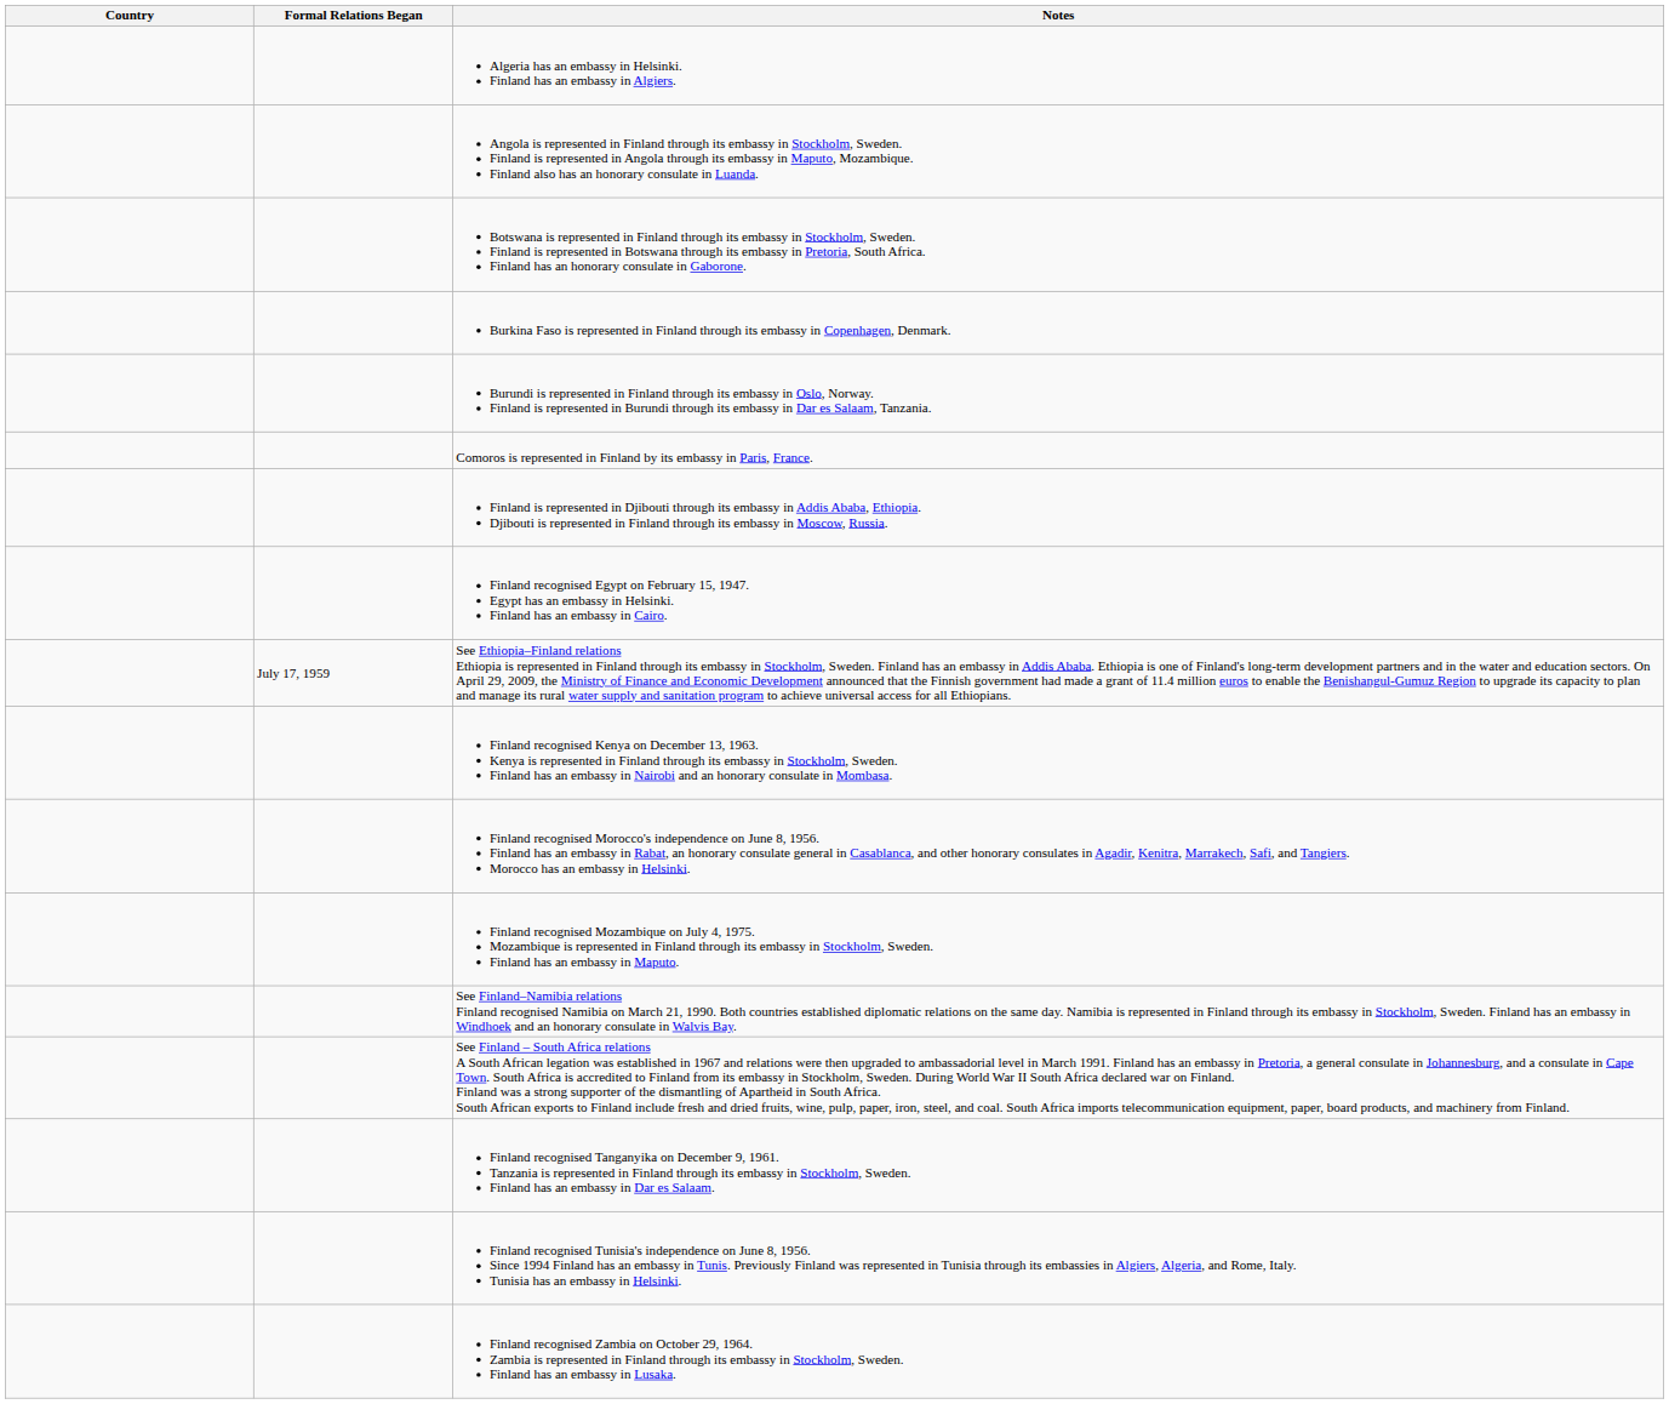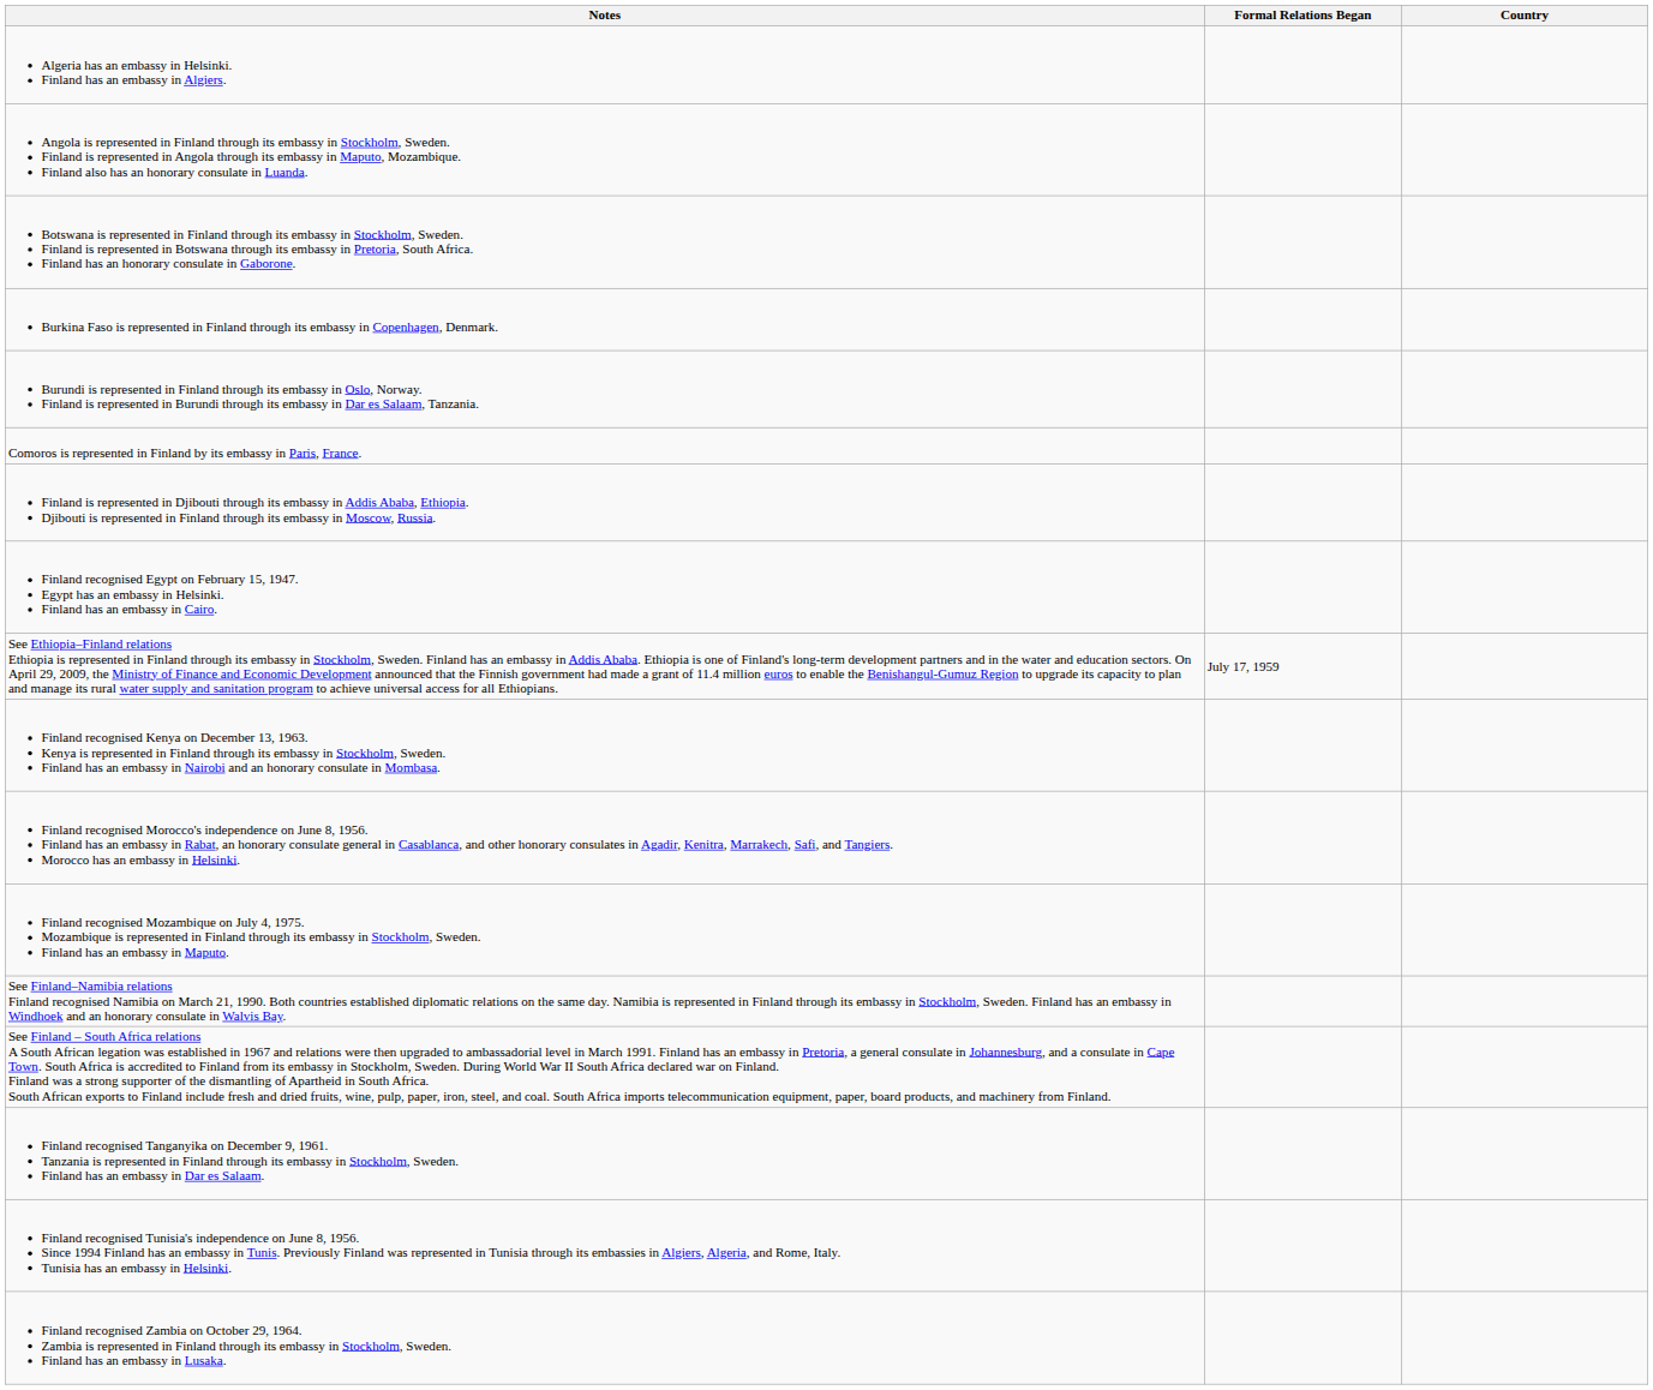 <table class="wikitable sortable" border="1" style="width:100%; margin:auto;">
 <tr>
+<th>Notes</th>
+<th width="12%">Formal Relations Began</th>
 <th width="15%">Country</th>
-<th width="12%">Formal Relations Began</th>
-<th>Notes</th>
 </tr>
 <tr -valign="top">
+<td><br><ul><li>Algeria has an embassy in Helsinki.</li><li>Finland has an embassy in <a href='#'>Algiers</a>.</li></ul></td>
 <td></td>
 <td></td>
-<td><br><ul><li>Algeria has an embassy in Helsinki.</li><li>Finland has an embassy in <a href='#'>Algiers</a>.</li></ul></td>
 </tr>
 <tr -valign="top">
+<td><br><ul><li>Angola is represented in Finland through its embassy in <a href='#'>Stockholm</a>, Sweden.</li><li>Finland is represented in Angola through its embassy in <a href='#'>Maputo</a>, Mozambique.</li><li>Finland also has an honorary consulate in <a href='#'>Luanda</a>.</li></ul></td>
 <td></td>
 <td></td>
-<td><br><ul><li>Angola is represented in Finland through its embassy in <a href='#'>Stockholm</a>, Sweden.</li><li>Finland is represented in Angola through its embassy in <a href='#'>Maputo</a>, Mozambique.</li><li>Finland also has an honorary consulate in <a href='#'>Luanda</a>.</li></ul></td>
 </tr>
 <tr -valign="top">
+<td><br><ul><li>Botswana is represented in Finland through its embassy in <a href='#'>Stockholm</a>, Sweden.</li><li>Finland is represented in Botswana through its embassy in <a href='#'>Pretoria</a>, South Africa.</li><li>Finland has an honorary consulate in <a href='#'>Gaborone</a>.</li></ul></td>
 <td></td>
 <td></td>
-<td><br><ul><li>Botswana is represented in Finland through its embassy in <a href='#'>Stockholm</a>, Sweden.</li><li>Finland is represented in Botswana through its embassy in <a href='#'>Pretoria</a>, South Africa.</li><li>Finland has an honorary consulate in <a href='#'>Gaborone</a>.</li></ul></td>
 </tr>
 <tr -valign="top">
+<td><br><ul><li>Burkina Faso is represented in Finland through its embassy in <a href='#'>Copenhagen</a>, Denmark.</li></ul></td>
 <td></td>
 <td></td>
-<td><br><ul><li>Burkina Faso is represented in Finland through its embassy in <a href='#'>Copenhagen</a>, Denmark.</li></ul></td>
 </tr>
 <tr -valign="top">
+<td><br><ul><li>Burundi is represented in Finland through its embassy in <a href='#'>Oslo</a>, Norway.</li><li>Finland is represented in Burundi through its embassy in <a href='#'>Dar es Salaam</a>, Tanzania.</li></ul></td>
 <td></td>
 <td></td>
-<td><br><ul><li>Burundi is represented in Finland through its embassy in <a href='#'>Oslo</a>, Norway.</li><li>Finland is represented in Burundi through its embassy in <a href='#'>Dar es Salaam</a>, Tanzania.</li></ul></td>
 </tr>
 <tr -valign="top">
+<td><br>Comoros is represented in Finland by its embassy in <a href='#'>Paris</a>, <a href='#'>France</a>.</td>
 <td></td>
 <td></td>
-<td><br>Comoros is represented in Finland by its embassy in <a href='#'>Paris</a>, <a href='#'>France</a>.</td>
 </tr>
 <tr -valign="top">
+<td><br><ul><li>Finland is represented in Djibouti through its embassy in <a href='#'>Addis Ababa</a>, <a href='#'>Ethiopia</a>.</li><li>Djibouti is represented in Finland through its embassy in <a href='#'>Moscow</a>, <a href='#'>Russia</a>.</li></ul></td>
 <td></td>
 <td></td>
-<td><br><ul><li>Finland is represented in Djibouti through its embassy in <a href='#'>Addis Ababa</a>, <a href='#'>Ethiopia</a>.</li><li>Djibouti is represented in Finland through its embassy in <a href='#'>Moscow</a>, <a href='#'>Russia</a>.</li></ul></td>
 </tr>
 <tr -valign="top">
+<td><br><ul><li>Finland recognised Egypt on February 15, 1947.</li><li>Egypt has an embassy in Helsinki.</li><li>Finland has an embassy in <a href='#'>Cairo</a>.</li></ul></td>
 <td></td>
 <td></td>
-<td><br><ul><li>Finland recognised Egypt on February 15, 1947.</li><li>Egypt has an embassy in Helsinki.</li><li>Finland has an embassy in <a href='#'>Cairo</a>.</li></ul></td>
 </tr>
 <tr -valign="top">
+<td>See <a href='#'>Ethiopia–Finland relations</a><br>Ethiopia is represented in Finland through its embassy in <a href='#'>Stockholm</a>, Sweden.  Finland has an embassy in <a href='#'>Addis Ababa</a>. Ethiopia is one of Finland's long-term development partners and in the water and education sectors. On April 29, 2009, the <a href='#'>Ministry of Finance and Economic Development</a> announced that the Finnish government had made a grant of 11.4 million <a href='#'>euros</a> to enable the <a href='#'>Benishangul-Gumuz Region</a> to upgrade its capacity to plan and manage its rural <a href='#'>water supply and sanitation program</a> to achieve universal access for all Ethiopians.</td>
+<td>July 17, 1959</td>
 <td></td>
-<td>July 17, 1959</td>
-<td>See <a href='#'>Ethiopia–Finland relations</a><br>Ethiopia is represented in Finland through its embassy in <a href='#'>Stockholm</a>, Sweden.  Finland has an embassy in <a href='#'>Addis Ababa</a>. Ethiopia is one of Finland's long-term development partners and in the water and education sectors. On April 29, 2009, the <a href='#'>Ministry of Finance and Economic Development</a> announced that the Finnish government had made a grant of 11.4 million <a href='#'>euros</a> to enable the <a href='#'>Benishangul-Gumuz Region</a> to upgrade its capacity to plan and manage its rural <a href='#'>water supply and sanitation program</a> to achieve universal access for all Ethiopians.</td>
 </tr>
 <tr -valign="top">
+<td><br><ul><li>Finland recognised Kenya on December 13, 1963.</li><li>Kenya is represented in Finland through its embassy in <a href='#'>Stockholm</a>, Sweden.</li><li>Finland has an embassy in <a href='#'>Nairobi</a> and an honorary consulate in <a href='#'>Mombasa</a>.</li></ul></td>
 <td></td>
 <td></td>
-<td><br><ul><li>Finland recognised Kenya on December 13, 1963.</li><li>Kenya is represented in Finland through its embassy in <a href='#'>Stockholm</a>, Sweden.</li><li>Finland has an embassy in <a href='#'>Nairobi</a> and an honorary consulate in <a href='#'>Mombasa</a>.</li></ul></td>
 </tr>
 <tr -valign="top">
+<td><br><ul><li>Finland recognised Morocco's independence on June 8, 1956.</li><li>Finland has an embassy in <a href='#'>Rabat</a>, an honorary consulate general in <a href='#'>Casablanca</a>, and other honorary consulates in <a href='#'>Agadir</a>, <a href='#'>Kenitra</a>, <a href='#'>Marrakech</a>, <a href='#'>Safi</a>, and <a href='#'>Tangiers</a>.</li><li>Morocco has an embassy in <a href='#'>Helsinki</a>.</li></ul></td>
 <td></td>
 <td></td>
-<td><br><ul><li>Finland recognised Morocco's independence on June 8, 1956.</li><li>Finland has an embassy in <a href='#'>Rabat</a>, an honorary consulate general in <a href='#'>Casablanca</a>, and other honorary consulates in <a href='#'>Agadir</a>, <a href='#'>Kenitra</a>, <a href='#'>Marrakech</a>, <a href='#'>Safi</a>, and <a href='#'>Tangiers</a>.</li><li>Morocco has an embassy in <a href='#'>Helsinki</a>.</li></ul></td>
 </tr>
 <tr -valign="top">
+<td><br><ul><li>Finland recognised Mozambique on July 4, 1975.</li><li>Mozambique is represented in Finland through its embassy in <a href='#'>Stockholm</a>, Sweden.</li><li>Finland has an embassy in <a href='#'>Maputo</a>.</li></ul></td>
 <td></td>
 <td></td>
-<td><br><ul><li>Finland recognised Mozambique on July 4, 1975.</li><li>Mozambique is represented in Finland through its embassy in <a href='#'>Stockholm</a>, Sweden.</li><li>Finland has an embassy in <a href='#'>Maputo</a>.</li></ul></td>
 </tr>
 <tr -valign="top">
+<td>See <a href='#'>Finland–Namibia relations</a><br>Finland recognised Namibia on March 21, 1990.  Both countries established diplomatic relations on the same day. Namibia is represented in Finland through its embassy in <a href='#'>Stockholm</a>, Sweden. Finland has an embassy in <a href='#'>Windhoek</a> and an honorary consulate in <a href='#'>Walvis Bay</a>.</td>
 <td></td>
 <td></td>
-<td>See <a href='#'>Finland–Namibia relations</a><br>Finland recognised Namibia on March 21, 1990.  Both countries established diplomatic relations on the same day. Namibia is represented in Finland through its embassy in <a href='#'>Stockholm</a>, Sweden. Finland has an embassy in <a href='#'>Windhoek</a> and an honorary consulate in <a href='#'>Walvis Bay</a>.</td>
 </tr>
 <tr -valign="top">
+<td>See <a href='#'>Finland – South Africa relations</a><br>A South African legation was established in 1967 and relations were then upgraded to ambassadorial level in March 1991. Finland has an embassy in <a href='#'>Pretoria</a>, a general consulate in <a href='#'>Johannesburg</a>, and a consulate in <a href='#'>Cape Town</a>.  South Africa is accredited to Finland from its embassy in Stockholm, Sweden. During World War II South Africa declared war on Finland.<br>Finland was a strong supporter of the dismantling of Apartheid in South Africa.<br>South African exports to Finland include fresh and dried fruits, wine, pulp, paper, iron, steel, and coal. South Africa imports telecommunication equipment, paper, board products, and machinery from Finland.</td>
 <td></td>
 <td></td>
-<td>See <a href='#'>Finland – South Africa relations</a><br>A South African legation was established in 1967 and relations were then upgraded to ambassadorial level in March 1991. Finland has an embassy in <a href='#'>Pretoria</a>, a general consulate in <a href='#'>Johannesburg</a>, and a consulate in <a href='#'>Cape Town</a>.  South Africa is accredited to Finland from its embassy in Stockholm, Sweden. During World War II South Africa declared war on Finland.<br>Finland was a strong supporter of the dismantling of Apartheid in South Africa.<br>South African exports to Finland include fresh and dried fruits, wine, pulp, paper, iron, steel, and coal. South Africa imports telecommunication equipment, paper, board products, and machinery from Finland.</td>
 </tr>
 <tr -valign="top">
+<td><br><ul><li>Finland recognised Tanganyika on December 9, 1961.</li><li>Tanzania is represented in Finland through its embassy in <a href='#'>Stockholm</a>, Sweden.</li><li>Finland has an embassy in <a href='#'>Dar es Salaam</a>.</li></ul></td>
 <td></td>
 <td></td>
-<td><br><ul><li>Finland recognised Tanganyika on December 9, 1961.</li><li>Tanzania is represented in Finland through its embassy in <a href='#'>Stockholm</a>, Sweden.</li><li>Finland has an embassy in <a href='#'>Dar es Salaam</a>.</li></ul></td>
 </tr>
 <tr -valign="top">
+<td><br><ul><li>Finland recognised Tunisia's independence on June 8, 1956.</li><li>Since 1994 Finland has an embassy in <a href='#'>Tunis</a>.  Previously Finland was represented in Tunisia through its embassies in <a href='#'>Algiers</a>, <a href='#'>Algeria</a>, and Rome, Italy.</li><li>Tunisia has an embassy in <a href='#'>Helsinki</a>.</li></ul></td>
 <td></td>
 <td></td>
-<td><br><ul><li>Finland recognised Tunisia's independence on June 8, 1956.</li><li>Since 1994 Finland has an embassy in <a href='#'>Tunis</a>.  Previously Finland was represented in Tunisia through its embassies in <a href='#'>Algiers</a>, <a href='#'>Algeria</a>, and Rome, Italy.</li><li>Tunisia has an embassy in <a href='#'>Helsinki</a>.</li></ul></td>
 </tr>
 <tr -valign="top">
+<td><br><ul><li>Finland recognised Zambia on October 29, 1964.</li><li>Zambia is represented in Finland through its embassy in <a href='#'>Stockholm</a>, Sweden.</li><li>Finland has an embassy in <a href='#'>Lusaka</a>.</li></ul></td>
 <td></td>
 <td></td>
-<td><br><ul><li>Finland recognised Zambia on October 29, 1964.</li><li>Zambia is represented in Finland through its embassy in <a href='#'>Stockholm</a>, Sweden.</li><li>Finland has an embassy in <a href='#'>Lusaka</a>.</li></ul></td>
 </tr>
 </table>
